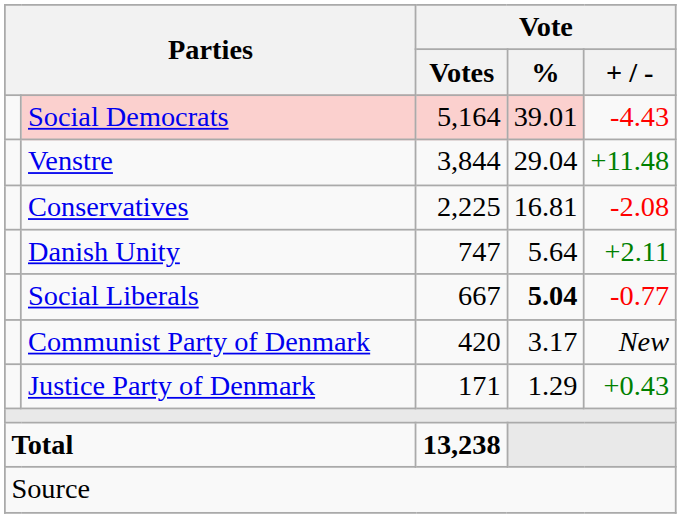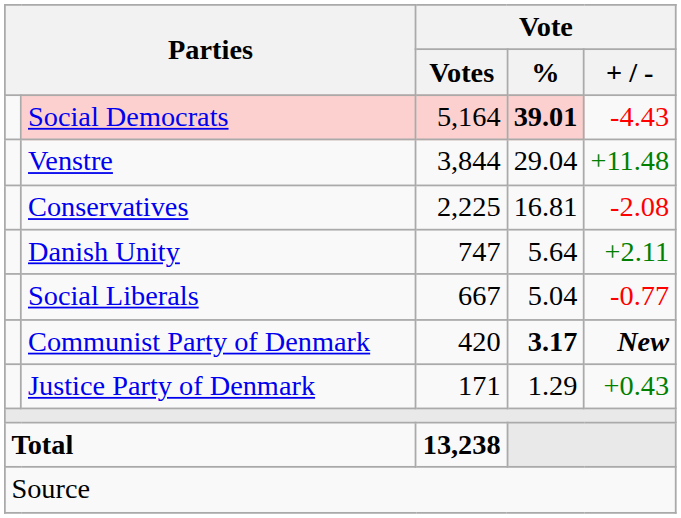 <table class="wikitable" style="text-align:right;">
 <tr>
 <th style="text-align:centre;" rowspan="2" colspan="2" width="225">Parties</th>
 <th colspan="3">Vote</th>
 </tr>
 <tr>
 <th width="15">Votes</th>
 <th width="15">%</th>
 <th width="15">+ / -</th>
 </tr>
 <tr>
 <td width="2" style="color:inherit;background:"></td>
 <td bgcolor=#fbd0ce  align="left"><a href='#'>Social Democrats</a></td>
 <td bgcolor=#fbd0ce>5,164</td>
-<td bgcolor=#fbd0ce>39.01</td>
+<td bgcolor=#fbd0ce><strong>39.01</strong></td>
 <td style=color:red;>-4.43</td>
 </tr>
 <tr>
 <td width="2" style="color:inherit;background:"></td>
 <td align="left"><a href='#'>Venstre</a></td>
 <td>3,844</td>
 <td>29.04</td>
 <td style=color:green;>+11.48</td>
 </tr>
 <tr>
 <td width="2" style="color:inherit;background:"></td>
 <td align="left"><a href='#'>Conservatives</a></td>
 <td>2,225</td>
 <td>16.81</td>
 <td style=color:red;>-2.08</td>
 </tr>
 <tr>
 <td width="2" style="color:inherit;background:"></td>
 <td align="left"><a href='#'>Danish Unity</a></td>
 <td>747</td>
 <td>5.64</td>
 <td style=color:green;>+2.11</td>
 </tr>
 <tr>
 <td width="2" style="color:inherit;background:"></td>
 <td align="left"><a href='#'>Social Liberals</a></td>
 <td>667</td>
-<td><strong>5.04</strong></td>
+<td>5.04</td>
 <td style=color:red;>-0.77</td>
 </tr>
 <tr>
 <td width="2" style="color:inherit;background:"></td>
 <td align="left"><a href='#'>Communist Party of Denmark</a></td>
 <td>420</td>
-<td>3.17</td>
-<td><em>New</em></td>
+<td><strong>3.17</strong></td>
+<td><strong><em>New</em></strong></td>
 </tr>
 <tr>
 <td width="2" style="color:inherit;background:"></td>
 <td align="left"><a href='#'>Justice Party of Denmark</a></td>
 <td>171</td>
 <td>1.29</td>
 <td style=color:green;>+0.43</td>
 </tr>
 <tr>
 <td colspan="7" bgcolor="#E9E9E9"></td>
 </tr>
 <tr>
 <td align="left" colspan="2"><strong>Total</strong></td>
 <td><strong>13,238</strong></td>
 <td bgcolor="#E9E9E9" colspan="2"></td>
 </tr>
 <tr>
 <td align="left" colspan="6">Source</td>
 </tr>
 </table>
